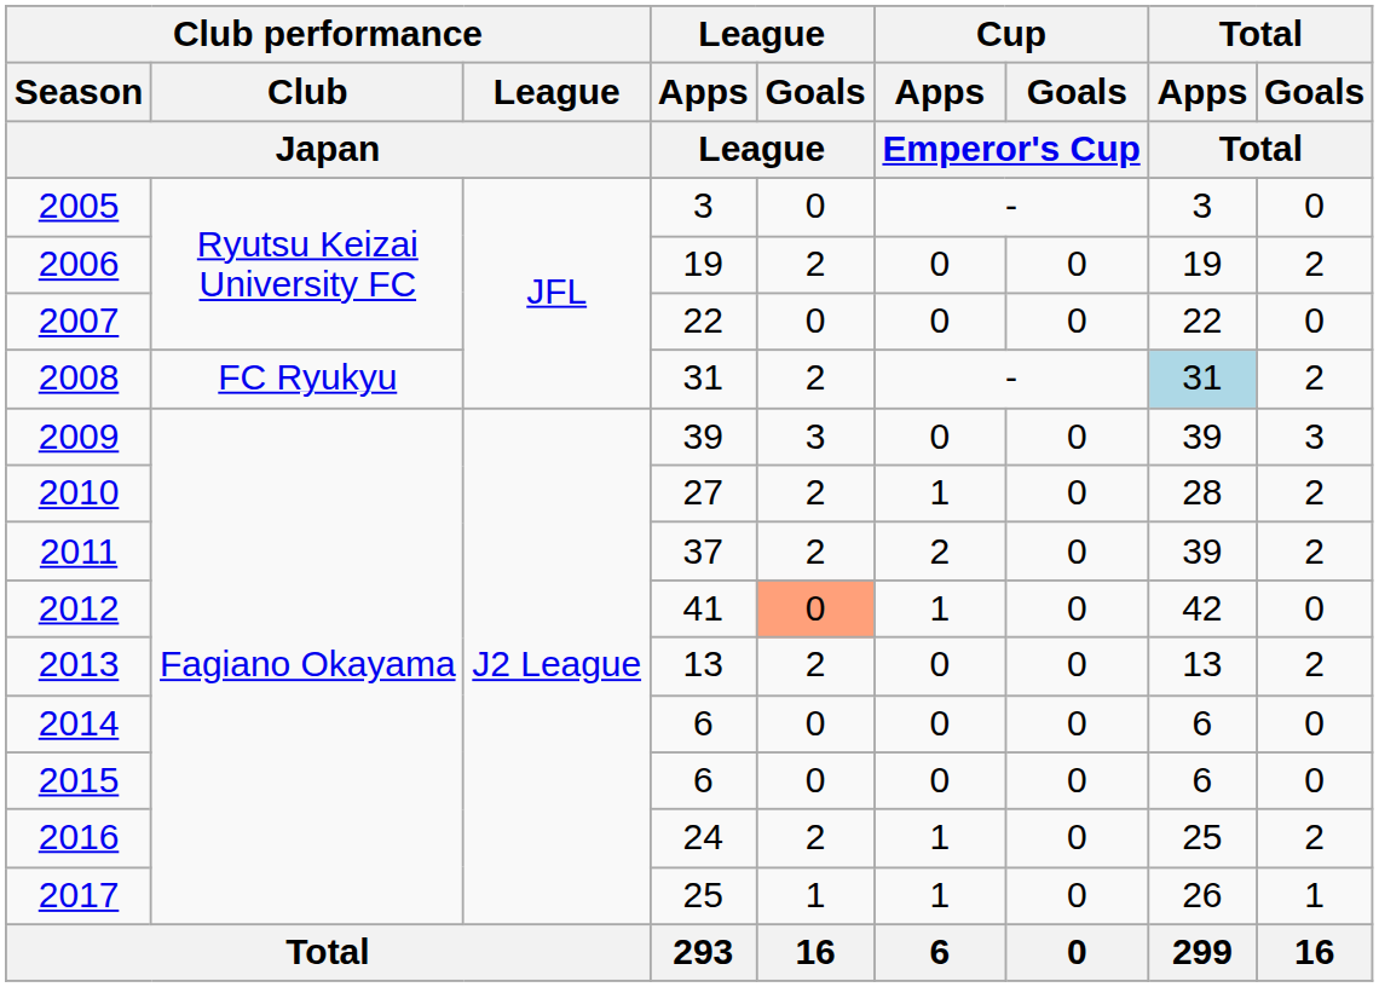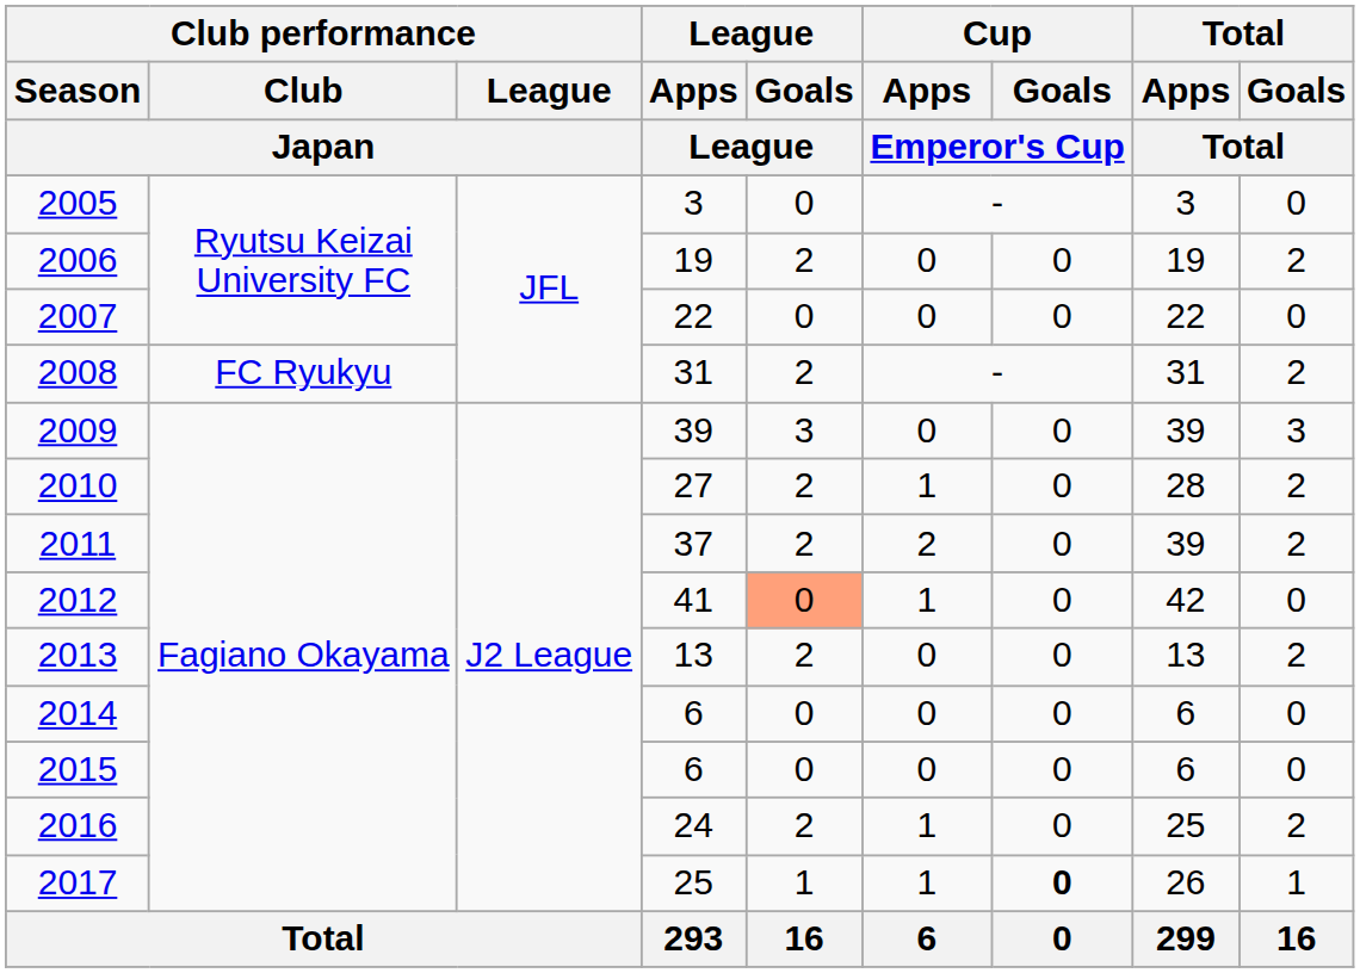 <table class="wikitable" style="text-align:center;">
 <tr>
 <th colspan=3>Club performance</th>
 <th colspan=2>League</th>
 <th colspan=2>Cup</th>
 <th colspan=2>Total</th>
 </tr>
 <tr>
 <th>Season</th>
 <th>Club</th>
 <th>League</th>
 <th>Apps</th>
 <th>Goals</th>
 <th>Apps</th>
 <th>Goals</th>
 <th>Apps</th>
 <th>Goals</th>
 </tr>
 <tr>
 <th colspan=3>Japan</th>
 <th colspan=2>League</th>
 <th colspan=2><a href='#'>Emperor's Cup</a></th>
 <th colspan=2>Total</th>
 </tr>
 <tr>
 <td><a href='#'>2005</a></td>
 <td rowspan="3"><a href='#'>Ryutsu Keizai<br>University FC</a></td>
 <td rowspan="4"><a href='#'>JFL</a></td>
 <td>3</td>
 <td>0</td>
 <td colspan="2">-</td>
 <td>3</td>
 <td>0</td>
 </tr>
 <tr>
 <td><a href='#'>2006</a></td>
 <td>19</td>
 <td>2</td>
 <td>0</td>
 <td>0</td>
 <td>19</td>
 <td>2</td>
 </tr>
 <tr>
 <td><a href='#'>2007</a></td>
 <td>22</td>
 <td>0</td>
 <td>0</td>
 <td>0</td>
 <td>22</td>
 <td>0</td>
 </tr>
 <tr>
 <td><a href='#'>2008</a></td>
 <td><a href='#'>FC Ryukyu</a></td>
 <td>31</td>
 <td>2</td>
 <td colspan="2">-</td>
-<td style="background: lightblue;">31</td>
+<td>31</td>
 <td>2</td>
 </tr>
 <tr>
 <td><a href='#'>2009</a></td>
 <td rowspan="9"><a href='#'>Fagiano Okayama</a></td>
 <td rowspan="9"><a href='#'>J2 League</a></td>
 <td>39</td>
 <td>3</td>
 <td>0</td>
 <td>0</td>
 <td>39</td>
 <td>3</td>
 </tr>
 <tr>
 <td><a href='#'>2010</a></td>
 <td>27</td>
 <td>2</td>
 <td>1</td>
 <td>0</td>
 <td>28</td>
 <td>2</td>
 </tr>
 <tr>
 <td><a href='#'>2011</a></td>
 <td>37</td>
 <td>2</td>
 <td>2</td>
 <td>0</td>
 <td>39</td>
 <td>2</td>
 </tr>
 <tr>
 <td><a href='#'>2012</a></td>
 <td>41</td>
 <td style="background: lightsalmon;">0</td>
 <td>1</td>
 <td>0</td>
 <td>42</td>
 <td>0</td>
 </tr>
 <tr>
 <td><a href='#'>2013</a></td>
 <td>13</td>
 <td>2</td>
 <td>0</td>
 <td>0</td>
 <td>13</td>
 <td>2</td>
 </tr>
 <tr>
 <td><a href='#'>2014</a></td>
 <td>6</td>
 <td>0</td>
 <td>0</td>
 <td>0</td>
 <td>6</td>
 <td>0</td>
 </tr>
 <tr>
 <td><a href='#'>2015</a></td>
 <td>6</td>
 <td>0</td>
 <td>0</td>
 <td>0</td>
 <td>6</td>
 <td>0</td>
 </tr>
 <tr>
 <td><a href='#'>2016</a></td>
 <td>24</td>
 <td>2</td>
 <td>1</td>
 <td>0</td>
 <td>25</td>
 <td>2</td>
 </tr>
 <tr>
 <td><a href='#'>2017</a></td>
 <td>25</td>
 <td>1</td>
 <td>1</td>
-<td>0</td>
+<td><strong>0</strong></td>
 <td>26</td>
 <td>1</td>
 </tr>
 <tr>
 <th colspan=3>Total</th>
 <th>293</th>
 <th>16</th>
 <th>6</th>
 <th>0</th>
 <th>299</th>
 <th>16</th>
 </tr>
 </table>
